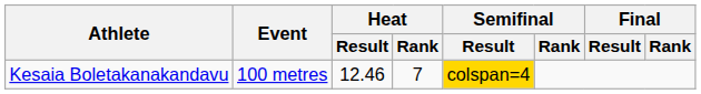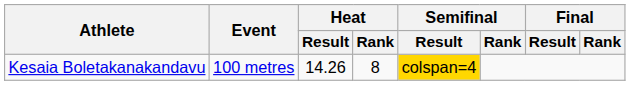 <table class="wikitable" style="font-size:90%">
 <tr>
 <th rowspan="2">Athlete</th>
 <th rowspan="2">Event</th>
 <th colspan="2">Heat</th>
 <th colspan="2">Semifinal</th>
 <th colspan="2">Final</th>
 </tr>
 <tr style="font-size:95%">
 <th>Result</th>
 <th>Rank</th>
 <th>Result</th>
 <th>Rank</th>
 <th>Result</th>
 <th>Rank</th>
 </tr>
 <tr align=center>
 <td align=left><a href='#'>Kesaia Boletakanakandavu</a></td>
 <td align=left><a href='#'>100 metres</a></td>
-<td>12.46 </td>
-<td>7</td>
+<td>14.26 </td>
+<td>8</td>
 <td style="background: gold;">colspan=4 </td>
 </tr>
 </table>
